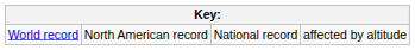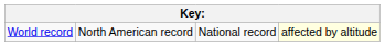 <table class="wikitable">
 <tr>
 <th colspan=4>Key:</th>
 </tr>
 <tr>
 <td><a href='#'>World record</a></td>
 <td>North American record</td>
 <td>National record</td>
-<td>affected by altitude</td>
+<td style="background: lightyellow;">affected by altitude</td>
 </tr>
 </table>
